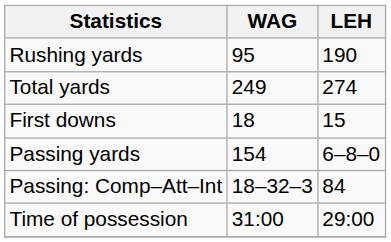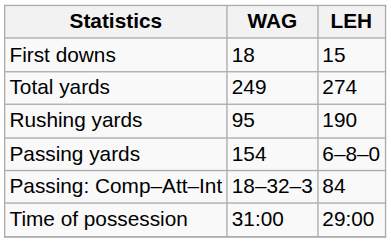 <table class="wikitable" style="float: left;">
 <tr>
 <th>Statistics</th>
 <th>WAG</th>
 <th>LEH</th>
 </tr>
 <tr>
-<td>Rushing yards</td>
-<td>95</td>
-<td>190</td>
+<td>First downs</td>
+<td>18</td>
+<td>15</td>
 </tr>
 <tr>
 <td>Total yards</td>
 <td>249</td>
 <td>274</td>
 </tr>
 <tr>
-<td>First downs</td>
-<td>18</td>
-<td>15</td>
+<td>Rushing yards</td>
+<td>95</td>
+<td>190</td>
 </tr>
 <tr>
 <td>Passing yards</td>
 <td>154</td>
 <td>6–8–0</td>
 </tr>
 <tr>
 <td>Passing: Comp–Att–Int</td>
 <td>18–32–3</td>
 <td>84</td>
 </tr>
 <tr>
 <td>Time of possession</td>
 <td>31:00</td>
 <td>29:00</td>
 </tr>
 <tr>
 </tr>
 </table>
